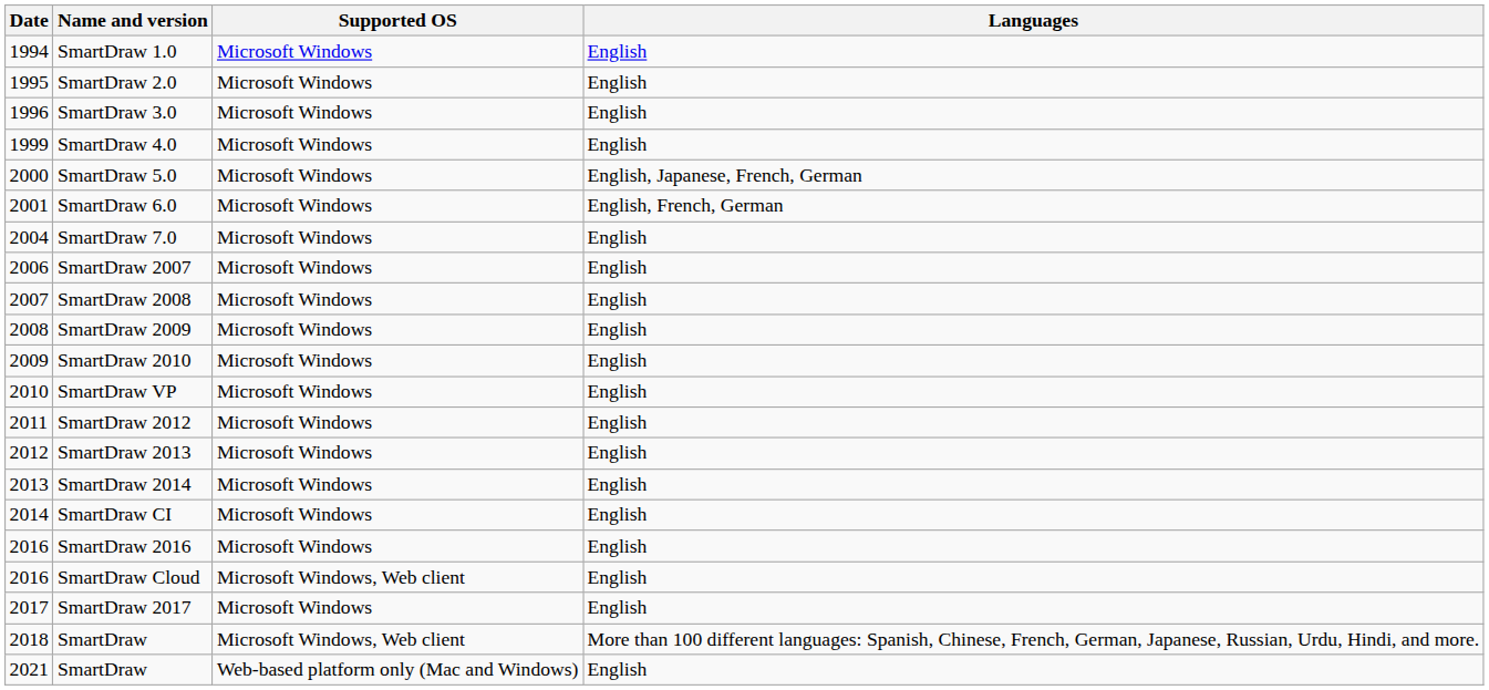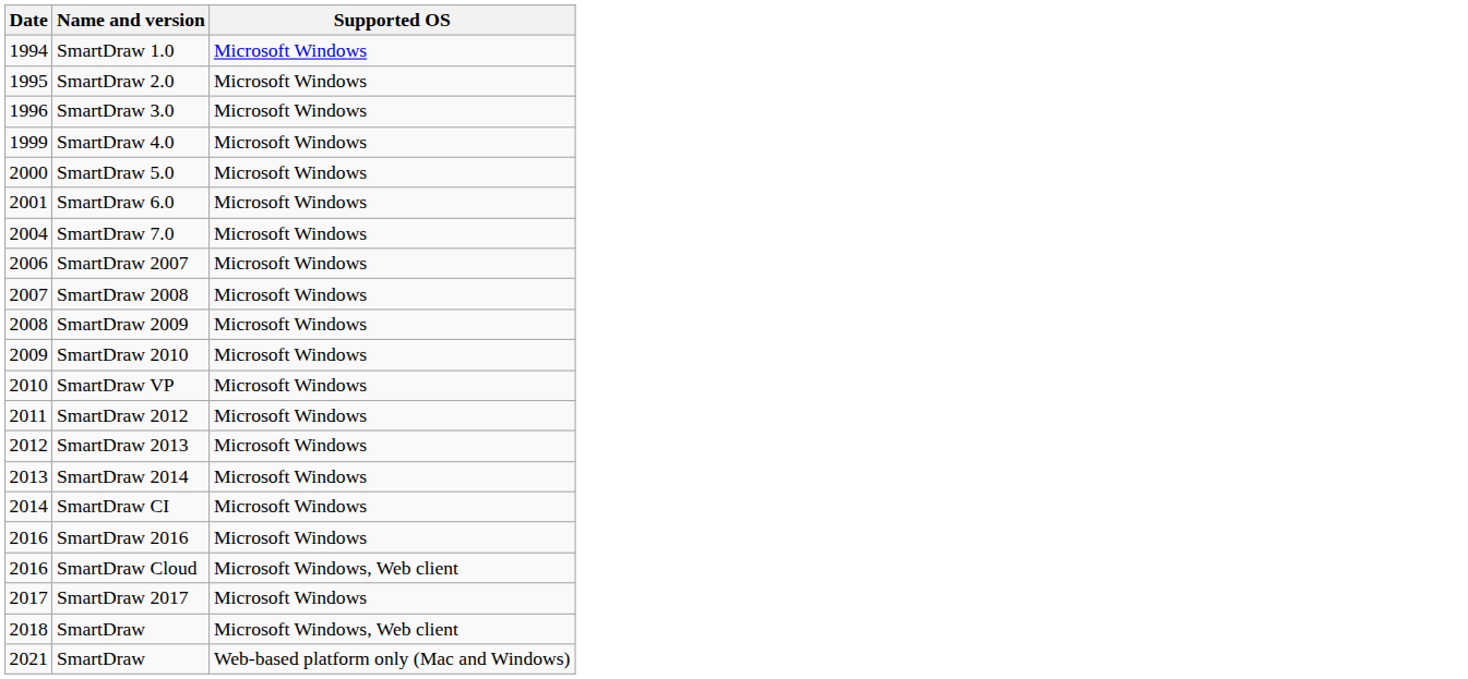 <table class="wikitable">
 <tr>
 <th>Date</th>
 <th>Name and version</th>
 <th>Supported OS</th>
-<th>Languages</th>
 </tr>
 <tr>
 <td>1994</td>
 <td>SmartDraw 1.0</td>
 <td><a href='#'>Microsoft Windows</a></td>
-<td><a href='#'>English</a></td>
 </tr>
 <tr>
 <td>1995</td>
 <td>SmartDraw 2.0</td>
 <td>Microsoft Windows</td>
-<td>English</td>
 </tr>
 <tr>
 <td>1996</td>
 <td>SmartDraw 3.0</td>
 <td>Microsoft Windows</td>
-<td>English</td>
 </tr>
 <tr>
 <td>1999</td>
 <td>SmartDraw 4.0</td>
 <td>Microsoft Windows</td>
-<td>English</td>
 </tr>
 <tr>
 <td>2000</td>
 <td>SmartDraw 5.0</td>
 <td>Microsoft Windows</td>
-<td>English, Japanese, French, German</td>
 </tr>
 <tr>
 <td>2001</td>
 <td>SmartDraw 6.0</td>
 <td>Microsoft Windows</td>
-<td>English, French, German</td>
 </tr>
 <tr>
 <td>2004</td>
 <td>SmartDraw 7.0</td>
 <td>Microsoft Windows</td>
-<td>English</td>
 </tr>
 <tr>
 <td>2006</td>
 <td>SmartDraw 2007</td>
 <td>Microsoft Windows</td>
-<td>English</td>
 </tr>
 <tr>
 <td>2007</td>
 <td>SmartDraw 2008</td>
 <td>Microsoft Windows</td>
-<td>English</td>
 </tr>
 <tr>
 <td>2008</td>
 <td>SmartDraw 2009</td>
 <td>Microsoft Windows</td>
-<td>English</td>
 </tr>
 <tr>
 <td>2009</td>
 <td>SmartDraw 2010</td>
 <td>Microsoft Windows</td>
-<td>English</td>
 </tr>
 <tr>
 <td>2010</td>
 <td>SmartDraw VP</td>
 <td>Microsoft Windows</td>
-<td>English</td>
 </tr>
 <tr>
 <td>2011</td>
 <td>SmartDraw 2012</td>
 <td>Microsoft Windows</td>
-<td>English</td>
 </tr>
 <tr>
 <td>2012</td>
 <td>SmartDraw 2013</td>
 <td>Microsoft Windows</td>
-<td>English</td>
 </tr>
 <tr>
 <td>2013</td>
 <td>SmartDraw 2014</td>
 <td>Microsoft Windows</td>
-<td>English</td>
 </tr>
 <tr>
 <td>2014</td>
 <td>SmartDraw CI</td>
 <td>Microsoft Windows</td>
-<td>English</td>
 </tr>
 <tr>
 <td>2016</td>
 <td>SmartDraw 2016</td>
 <td>Microsoft Windows</td>
-<td>English</td>
 </tr>
 <tr>
 <td>2016</td>
 <td>SmartDraw Cloud</td>
 <td>Microsoft Windows, Web client</td>
-<td>English</td>
 </tr>
 <tr>
 <td>2017</td>
 <td>SmartDraw 2017</td>
 <td>Microsoft Windows</td>
-<td>English</td>
 </tr>
 <tr>
 <td>2018</td>
 <td>SmartDraw</td>
 <td>Microsoft Windows, Web client</td>
-<td>More than 100 different languages: Spanish, Chinese, French, German, Japanese, Russian, Urdu, Hindi, and more.</td>
 </tr>
 <tr>
 <td>2021</td>
 <td>SmartDraw</td>
 <td>Web-based platform only (Mac and Windows)</td>
-<td>English</td>
 </tr>
 </table>
